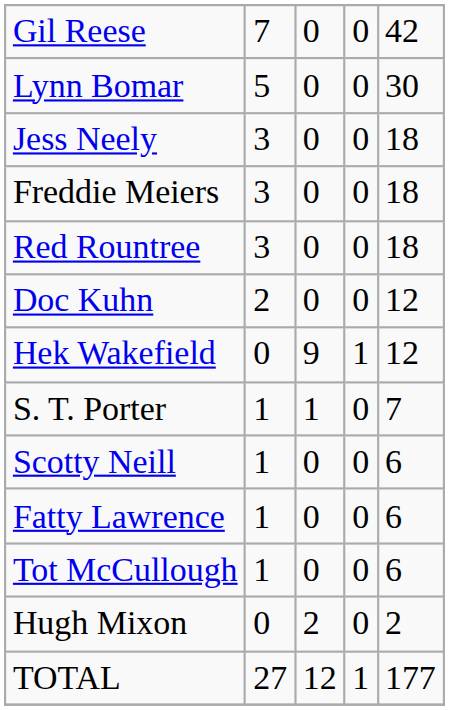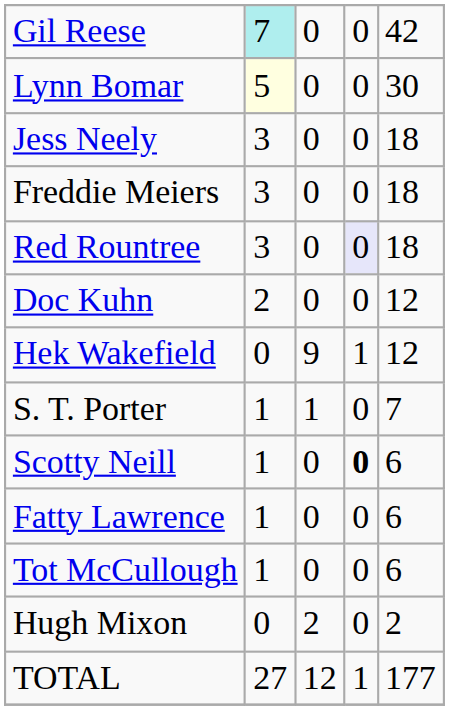 <table class="wikitable">
 <tr>
 </tr>
 <tr>
 <td><a href='#'>Gil Reese</a></td>
-<td>7</td>
+<td style="background: paleturquoise;">7</td>
 <td>0</td>
 <td>0</td>
 <td>42</td>
 </tr>
 <tr>
 <td><a href='#'>Lynn Bomar</a></td>
-<td>5</td>
+<td style="background: lightyellow;">5</td>
 <td>0</td>
 <td>0</td>
 <td>30</td>
 </tr>
 <tr>
 <td><a href='#'>Jess Neely</a></td>
 <td>3</td>
 <td>0</td>
 <td>0</td>
 <td>18</td>
 </tr>
 <tr>
 <td>Freddie Meiers</td>
 <td>3</td>
 <td>0</td>
 <td>0</td>
 <td>18</td>
 </tr>
 <tr>
 <td><a href='#'>Red Rountree</a></td>
 <td>3</td>
 <td>0</td>
-<td>0</td>
+<td style="background: lavender;">0</td>
 <td>18</td>
 </tr>
 <tr>
 <td><a href='#'>Doc Kuhn</a></td>
 <td>2</td>
 <td>0</td>
 <td>0</td>
 <td>12</td>
 </tr>
 <tr>
 <td><a href='#'>Hek Wakefield</a></td>
 <td>0</td>
 <td>9</td>
 <td>1</td>
 <td>12</td>
 </tr>
 <tr>
 <td>S. T. Porter</td>
 <td>1</td>
 <td>1</td>
 <td>0</td>
 <td>7</td>
 </tr>
 <tr>
 <td><a href='#'>Scotty Neill</a></td>
 <td>1</td>
 <td>0</td>
-<td>0</td>
+<td><strong>0</strong></td>
 <td>6</td>
 </tr>
 <tr>
 <td><a href='#'>Fatty Lawrence</a></td>
 <td>1</td>
 <td>0</td>
 <td>0</td>
 <td>6</td>
 </tr>
 <tr>
 <td><a href='#'>Tot McCullough</a></td>
 <td>1</td>
 <td>0</td>
 <td>0</td>
 <td>6</td>
 </tr>
 <tr>
 <td>Hugh Mixon</td>
 <td>0</td>
 <td>2</td>
 <td>0</td>
 <td>2</td>
 </tr>
 <tr>
 <td>TOTAL</td>
 <td>27</td>
 <td>12</td>
 <td>1</td>
 <td>177</td>
 </tr>
 <tr>
 </tr>
 </table>
